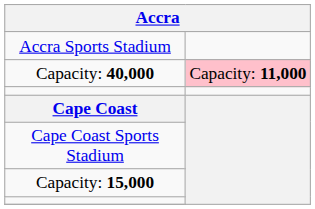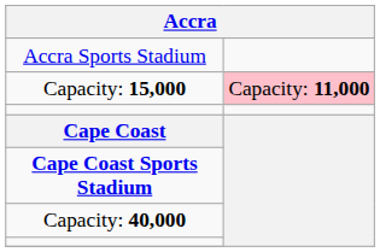 <table class="wikitable" style="margin:1em auto; text-align:center">
 <tr>
 <th colspan=2><a href='#'>Accra</a></th>
 </tr>
 <tr>
 <td><a href='#'>Accra Sports Stadium</a></td>
 <td></td>
 </tr>
 <tr>
-<td>Capacity: <strong>40,000</strong></td>
+<td>Capacity: <strong>15,000</strong></td>
 <td style="background: pink;">Capacity: <strong>11,000</strong></td>
 </tr>
 <tr>
 <td></td>
 <td></td>
 </tr>
 <tr>
 <th width=160><a href='#'>Cape Coast</a></th>
 <th rowspan=8><br></th>
 </tr>
 <tr>
-<td><a href='#'>Cape Coast Sports Stadium</a></td>
+<td><strong><a href='#'>Cape Coast Sports Stadium</a></strong></td>
 </tr>
 <tr>
-<td>Capacity: <strong>15,000</strong></td>
+<td>Capacity: <strong>40,000</strong></td>
 </tr>
 <tr>
 <td></td>
 </tr>
 <tr>
 </tr>
 </table>
